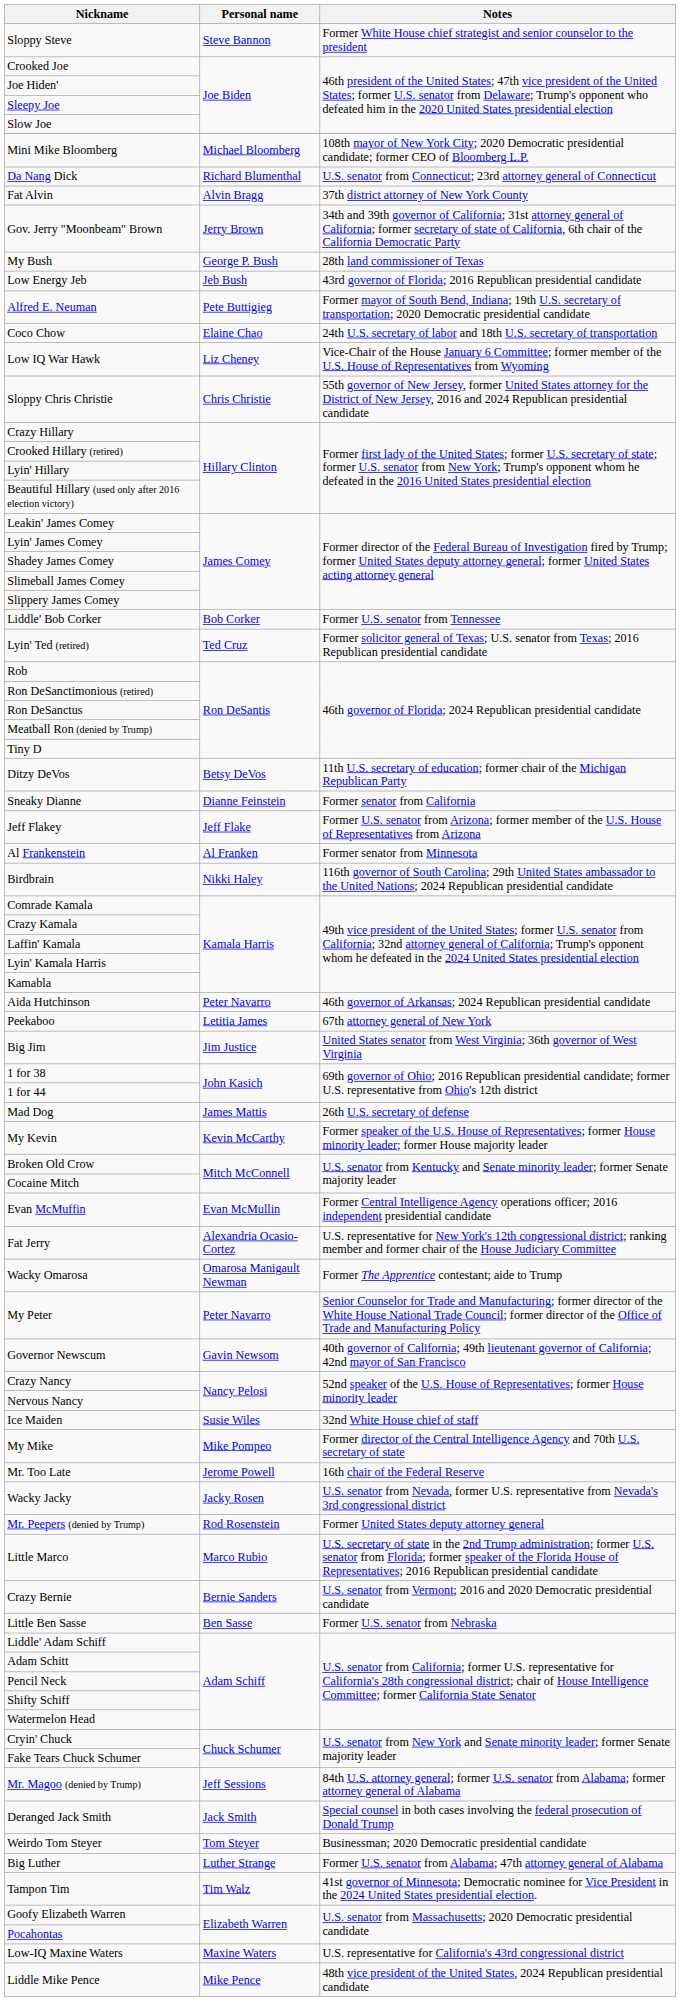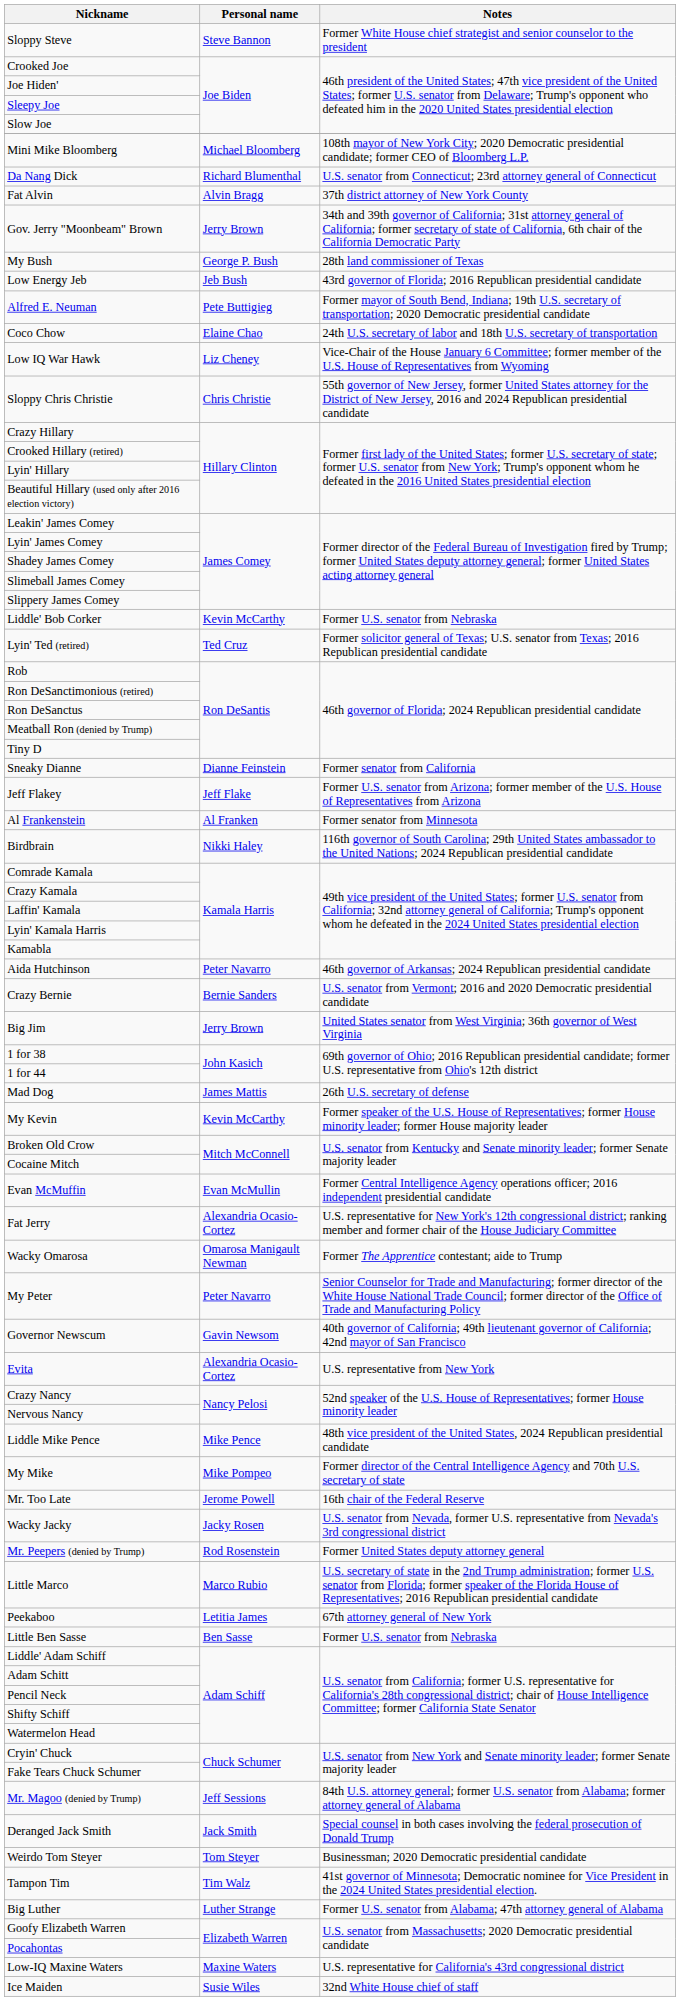 <table class="wikitable sortable" style="width:100%;">
 <tr>
 <th style="width:250px">Nickname</th>
 <th style="width:150px">Personal name</th>
 <th class="unsortable">Notes</th>
 </tr>
 <tr id="Sloppy Steve">
 <td>Sloppy Steve</td>
 <td data-sort-value="Bannon, Steve"><a href='#'>Steve Bannon</a></td>
 <td>Former <a href='#'>White House chief strategist and senior counselor to the president</a></td>
 </tr>
 <tr id="Crooked Joe">
 <td>Crooked Joe</td>
 <td rowspan="4" data-sort-value="Biden, Joe"><a href='#'>Joe Biden</a></td>
 <td rowspan="4">46th <a href='#'>president of the United States</a>; 47th <a href='#'>vice president of the United States</a>; former <a href='#'>U.S. senator</a> from <a href='#'>Delaware</a>; Trump's opponent who defeated him in the <a href='#'>2020 United States presidential election</a></td>
 </tr>
 <tr>
 <td>Joe Hiden'</td>
 </tr>
 <tr id="Sleepy Joe">
 <td><a href='#'>Sleepy Joe</a></td>
 </tr>
 <tr id = "Slow Joe">
 <td>Slow Joe</td>
 </tr>
 <tr>
 </tr>
 <tr id="Mini Mike Bloomberg">
 <td>Mini Mike Bloomberg</td>
 <td data-sort-value="Bloomberg, Michael" rowspan="1"><a href='#'>Michael Bloomberg</a></td>
 <td rowspan="1">108th <a href='#'>mayor of New York City</a>; 2020 Democratic presidential candidate; former CEO of <a href='#'>Bloomberg L.P.</a></td>
 </tr>
 <tr>
 <td><a href='#'>Da Nang</a> Dick</td>
 <td><a href='#'>Richard Blumenthal</a></td>
 <td><a href='#'>U.S. senator</a> from <a href='#'>Connecticut</a>; 23rd <a href='#'>attorney general of Connecticut</a></td>
 </tr>
 <tr>
 <td>Fat Alvin</td>
 <td><a href='#'>Alvin Bragg</a></td>
 <td>37th <a href='#'>district attorney of New York County</a></td>
 </tr>
 <tr id="Moonbeam">
 <td>Gov. Jerry "Moonbeam" Brown</td>
 <td data-sort-value="Brown, Jerry"><a href='#'>Jerry Brown</a></td>
 <td>34th and 39th <a href='#'>governor of California</a>; 31st <a href='#'>attorney general of California</a>; former <a href='#'>secretary of state of California</a>, 6th chair of the <a href='#'>California Democratic Party</a></td>
 </tr>
 <tr id="My Bush">
 <td>My Bush</td>
 <td data-sort-value="Bush, George P."><a href='#'>George P. Bush</a></td>
 <td>28th <a href='#'>land commissioner of Texas</a></td>
 </tr>
 <tr id="Low Energy Jeb">
 <td>Low Energy Jeb</td>
 <td data-sort-value="Bush, Jeb"><a href='#'>Jeb Bush</a></td>
 <td>43rd <a href='#'>governor of Florida</a>; 2016 Republican presidential candidate</td>
 </tr>
 <tr id="Alfred E. Neuman">
 <td><a href='#'>Alfred E. Neuman</a></td>
 <td data-sort-value="Buttigieg, Pete" rowspan="1"><a href='#'>Pete Buttigieg</a></td>
 <td rowspan="1">Former <a href='#'>mayor of South Bend, Indiana</a>; 19th <a href='#'>U.S. secretary of transportation</a>; 2020 Democratic presidential candidate</td>
 </tr>
 <tr id="Coco Chow">
 <td>Coco Chow</td>
 <td data-sort-value="Chao, Elaine"><a href='#'>Elaine Chao</a></td>
 <td>24th <a href='#'>U.S. secretary of labor</a> and 18th <a href='#'>U.S. secretary of transportation</a></td>
 </tr>
 <tr>
 <td>Low IQ War Hawk</td>
 <td><a href='#'>Liz Cheney</a></td>
 <td>Vice-Chair of the House <a href='#'>January 6 Committee</a>; former member of the <a href='#'>U.S. House of Representatives</a> from <a href='#'>Wyoming</a></td>
 </tr>
 <tr id="Sloppy Chris">
 <td>Sloppy Chris Christie</td>
 <td data-sort-value="Christie, Chris"><a href='#'>Chris Christie</a></td>
 <td>55th <a href='#'>governor of New Jersey</a>, former <a href='#'>United States attorney for the District of New Jersey</a>, 2016 and 2024 Republican presidential candidate</td>
 </tr>
 <tr id="Crazy Hillary">
 <td>Crazy Hillary</td>
 <td rowspan="4"><a href='#'>Hillary Clinton</a></td>
 <td rowspan="4">Former <a href='#'>first lady of the United States</a>; former <a href='#'>U.S. secretary of state</a>; former <a href='#'>U.S. senator</a> from <a href='#'>New York</a>; Trump's opponent whom he defeated in the <a href='#'>2016 United States presidential election</a></td>
 </tr>
 <tr>
 <td>Crooked Hillary <small>(retired)</small></td>
 </tr>
 <tr id="Lyin' Hillary">
 <td>Lyin' Hillary</td>
 </tr>
 <tr id="Beautiful Hillary">
 <td>Beautiful Hillary <small>(used only after 2016 election victory)</small></td>
 </tr>
 <tr>
 <td>Leakin' James Comey</td>
 <td rowspan="5"><a href='#'>James Comey</a></td>
 <td rowspan="5">Former director of the <a href='#'>Federal Bureau of Investigation</a> fired by Trump; former <a href='#'>United States deputy attorney general</a>; former <a href='#'>United States acting attorney general</a></td>
 </tr>
 <tr>
 <td>Lyin' James Comey</td>
 </tr>
 <tr>
 <td>Shadey James Comey</td>
 </tr>
 <tr>
 <td>Slimeball James Comey</td>
 </tr>
 <tr>
 <td>Slippery James Comey</td>
 </tr>
 <tr>
 <td>Liddle' Bob Corker</td>
-<td><a href='#'>Bob Corker</a></td>
-<td>Former <a href='#'>U.S. senator</a> from <a href='#'>Tennessee</a></td>
+<td data-sort-value="McCarthy, Kevin"><a href='#'>Kevin McCarthy</a></td>
+<td>Former <a href='#'>U.S. senator</a> from <a href='#'>Nebraska</a></td>
 </tr>
 <tr id="Lyin' Ted">
 <td>Lyin' Ted <small>(retired)</small></td>
 <td rowspan ="1" data-sort-value="Cruz, Ted"><a href='#'>Ted Cruz</a></td>
 <td rowspan="1">Former <a href='#'>solicitor general of Texas</a>; U.S. senator from <a href='#'>Texas</a>; 2016 Republican presidential candidate</td>
 </tr>
 <tr id="Rob">
 <td>Rob</td>
 <td rowspan="5"><a href='#'>Ron DeSantis</a></td>
 <td rowspan="5">46th <a href='#'>governor of Florida</a>; 2024 Republican presidential candidate</td>
 </tr>
 <tr id="Ron DeSanctimonious">
 <td>Ron DeSanctimonious      <small>(retired)</small></td>
 </tr>
 <tr id="Ron DeSanctus">
 <td>Ron DeSanctus</td>
 </tr>
 <tr id="Meatball Ron">
 <td>Meatball Ron<small> (denied by Trump)</small></td>
 </tr>
 <tr>
 <td>Tiny D</td>
-</tr>
-<tr id="Ditzy DeVos">
-<td>Ditzy DeVos</td>
-<td data-sort-value="DeVos, Betsy"><a href='#'>Betsy DeVos</a></td>
-<td>11th <a href='#'>U.S. secretary of education</a>; former chair of the <a href='#'>Michigan Republican Party</a></td>
 </tr>
 <tr>
 <td>Sneaky Dianne</td>
 <td><a href='#'>Dianne Feinstein</a></td>
 <td>Former <a href='#'>senator</a> from <a href='#'>California</a></td>
 </tr>
 <tr id="Jeff Flakey">
 <td>Jeff Flakey</td>
 <td data-sort-value="Flake, Jeff" rowspan="1"><a href='#'>Jeff Flake</a></td>
 <td rowspan="1">Former <a href='#'>U.S. senator</a> from <a href='#'>Arizona</a>; former member of the <a href='#'>U.S. House of Representatives</a> from <a href='#'>Arizona</a></td>
 </tr>
 <tr>
 <td>Al <a href='#'>Frankenstein</a></td>
 <td><a href='#'>Al Franken</a></td>
 <td>Former senator from <a href='#'>Minnesota</a></td>
 </tr>
 <tr>
 <td>Birdbrain</td>
 <td rowspan="1"><a href='#'>Nikki Haley</a></td>
 <td rowspan="1">116th <a href='#'>governor of South Carolina</a>; 29th <a href='#'>United States ambassador to the United Nations</a>; 2024 Republican presidential candidate</td>
 </tr>
 <tr>
 <td>Comrade Kamala</td>
 <td rowspan="5"><a href='#'>Kamala Harris</a></td>
 <td rowspan="5">49th <a href='#'>vice president of the United States</a>; former <a href='#'>U.S. senator</a> from <a href='#'>California</a>; 32nd <a href='#'>attorney general of California</a>; Trump's opponent whom he defeated in the <a href='#'>2024 United States presidential election</a></td>
 </tr>
 <tr>
 <td>Crazy Kamala</td>
 </tr>
 <tr>
 <td>Laffin' Kamala</td>
 </tr>
 <tr>
 <td>Lyin' Kamala Harris</td>
 </tr>
 <tr id="Kamabla">
 <td>Kamabla</td>
 </tr>
 <tr>
 <td>Aida Hutchinson</td>
 <td><a href='#'>Peter Navarro</a></td>
 <td>46th <a href='#'>governor of Arkansas</a>; 2024 Republican presidential candidate</td>
 </tr>
-<tr>
-<td>Peekaboo</td>
-<td><a href='#'>Letitia James</a></td>
-<td>67th <a href='#'>attorney general of New York</a></td>
+<tr id="Crazy Bernie">
+<td>Crazy Bernie</td>
+<td rowspan="1"><a href='#'>Bernie Sanders</a></td>
+<td rowspan="1"><a href='#'>U.S. senator</a> from <a href='#'>Vermont</a>; 2016 and 2020 Democratic presidential candidate</td>
 </tr>
 <tr id="Big Jim">
 <td>Big Jim</td>
-<td data-sort-value="Justice, Jim"><a href='#'>Jim Justice</a></td>
+<td data-sort-value="Brown, Jerry"><a href='#'>Jerry Brown</a></td>
 <td><a href='#'>United States senator</a> from <a href='#'>West Virginia</a>; 36th <a href='#'>governor of West Virginia</a></td>
 </tr>
 <tr id="1 for 38">
 <td>1 for 38</td>
 <td rowspan="2" data-sort-value="Kasich, John"><a href='#'>John Kasich</a></td>
 <td rowspan="2">69th <a href='#'>governor of Ohio</a>; 2016 Republican presidential candidate; former U.S. representative from <a href='#'>Ohio</a>'s 12th district</td>
 </tr>
 <tr id="1 for 44">
 <td>1 for 44</td>
 </tr>
 <tr id="Mad Dog">
 <td>Mad Dog</td>
 <td data-sort-value="Mattis, James" rowspan="1"><a href='#'>James Mattis</a></td>
 <td rowspan="1">26th <a href='#'>U.S. secretary of defense</a></td>
 </tr>
 <tr id="My Kevin">
 <td>My Kevin</td>
 <td data-sort-value="McCarthy, Kevin"><a href='#'>Kevin McCarthy</a></td>
 <td>Former <a href='#'>speaker of the U.S. House of Representatives</a>; former <a href='#'>House minority leader</a>; former House majority leader</td>
 </tr>
 <tr id="Broken Old Crow">
 <td>Broken Old Crow</td>
 <td rowspan="2" data-sort-value="McConnell, Mitch"><a href='#'>Mitch McConnell</a></td>
 <td rowspan="2"><a href='#'>U.S. senator</a> from <a href='#'>Kentucky</a> and <a href='#'>Senate minority leader</a>; former Senate majority leader</td>
 </tr>
 <tr>
 <td>Cocaine Mitch </td>
 </tr>
 <tr id="McMuffin">
 <td>Evan <a href='#'>McMuffin</a></td>
 <td data-sort-value="McMullin, Evan"><a href='#'>Evan McMullin</a></td>
 <td>Former <a href='#'>Central Intelligence Agency</a> operations officer; 2016 <a href='#'>independent</a> presidential candidate</td>
 </tr>
 <tr id="Fat Jerry">
 <td>Fat Jerry</td>
 <td rowspan="1" data-sort-value="Ocasio-Cortez, Alexandria"><a href='#'>Alexandria Ocasio-Cortez</a></td>
 <td>U.S. representative for <a href='#'>New York's 12th congressional district</a>; ranking member and former chair of the <a href='#'>House Judiciary Committee</a></td>
 </tr>
 <tr id="Wacky Omarosa">
 <td>Wacky Omarosa</td>
 <td data-sort-value="Newman, Omarosa"><a href='#'>Omarosa Manigault Newman</a></td>
 <td>Former <a href='#'><em>The Apprentice</em></a> contestant; aide to Trump</td>
 </tr>
 <tr>
 <td>My Peter</td>
 <td><a href='#'>Peter Navarro</a></td>
 <td><a href='#'>Senior Counselor for Trade and Manufacturing</a>; former director of the <a href='#'>White House National Trade Council</a>; former director of the <a href='#'>Office of Trade and Manufacturing Policy</a></td>
 </tr>
 <tr id="Governor Newscum">
 <td>Governor Newscum</td>
 <td data-sort-value="Newsom, Gavin"><a href='#'>Gavin Newsom</a></td>
 <td>40th <a href='#'>governor of California</a>; 49th <a href='#'>lieutenant governor of California</a>; 42nd <a href='#'>mayor of San Francisco</a></td>
 </tr>
+<tr id="Evita">
+<td><a href='#'>Evita</a></td>
+<td rowspan="1" data-sort-value="Ocasio-Cortez, Alexandria"><a href='#'>Alexandria Ocasio-Cortez</a></td>
+<td rowspan="1">U.S. representative from <a href='#'>New York</a></td>
+</tr>
 <tr id="Crazy Nancy">
 <td>Crazy Nancy</td>
 <td data-sort-value="Pelosi, Nancy" rowspan="2"><a href='#'>Nancy Pelosi</a></td>
 <td rowspan="2">52nd <a href='#'>speaker</a> of the <a href='#'>U.S. House of Representatives</a>; former <a href='#'>House minority leader</a></td>
 </tr>
 <tr id="Nervous Nancy">
 <td>Nervous Nancy</td>
 </tr>
 <tr>
-<td>Ice Maiden</td>
-<td><a href='#'>Susie Wiles</a></td>
-<td>32nd <a href='#'>White House chief of staff</a></td>
+<td>Liddle Mike Pence</td>
+<td><a href='#'>Mike Pence</a></td>
+<td>48th <a href='#'>vice president of the United States</a>, 2024 Republican presidential candidate</td>
 </tr>
 <tr id="My Mike">
 <td>My Mike</td>
 <td data-sort-value="Pompeo, Mikel"><a href='#'>Mike Pompeo</a></td>
 <td>Former <a href='#'>director of the Central Intelligence Agency</a> and 70th <a href='#'>U.S. secretary of state</a></td>
 </tr>
 <tr>
 <td>Mr. Too Late</td>
 <td><a href='#'>Jerome Powell</a></td>
 <td>16th <a href='#'>chair of the Federal Reserve</a></td>
 </tr>
 <tr id="Wacky Jacky">
 <td>Wacky Jacky</td>
 <td data-sort-value="Rosen, Jacky"><a href='#'>Jacky Rosen</a></td>
 <td><a href='#'>U.S. senator</a> from <a href='#'>Nevada</a>, former U.S. representative from <a href='#'>Nevada's 3rd congressional district</a></td>
 </tr>
 <tr id="Mr. Peepers">
 <td><a href='#'>Mr. Peepers</a> <small>(denied by Trump)</small></td>
 <td data-sort-value="Rosenstein, Rod"><a href='#'>Rod Rosenstein</a></td>
 <td>Former <a href='#'>United States deputy attorney general</a></td>
 </tr>
 <tr id="Little Marco">
 <td>Little Marco</td>
 <td data-sort-value="Rubio, Marco" rowspan="1"><a href='#'>Marco Rubio</a></td>
 <td rowspan="1"><a href='#'>U.S. secretary of state</a> in the <a href='#'>2nd Trump administration</a>; former <a href='#'>U.S. senator</a> from <a href='#'>Florida</a>; former <a href='#'>speaker of the Florida House of Representatives</a>; 2016 Republican presidential candidate</td>
 </tr>
-<tr id="Crazy Bernie">
-<td>Crazy Bernie</td>
-<td rowspan="1"><a href='#'>Bernie Sanders</a></td>
-<td rowspan="1"><a href='#'>U.S. senator</a> from <a href='#'>Vermont</a>; 2016 and 2020 Democratic presidential candidate</td>
+<tr>
+<td>Peekaboo</td>
+<td><a href='#'>Letitia James</a></td>
+<td>67th <a href='#'>attorney general of New York</a></td>
 </tr>
 <tr id="Little Ben Sasse">
 <td>Little Ben Sasse</td>
 <td data-sort-value="Sasse, Ben"><a href='#'>Ben Sasse</a></td>
 <td>Former <a href='#'>U.S. senator</a> from <a href='#'>Nebraska</a></td>
 </tr>
 <tr id="Liddle' Adam Schiff">
 <td>Liddle' Adam Schiff</td>
 <td rowspan="5" data-sort-value="Schiff, Adam"><a href='#'>Adam Schiff</a></td>
 <td rowspan="5"><a href='#'>U.S. senator</a> from <a href='#'>California</a>; former U.S. representative for <a href='#'>California's 28th congressional district</a>; chair of <a href='#'>House Intelligence Committee</a>; former <a href='#'>California State Senator</a></td>
 </tr>
 <tr>
 <td>Adam Schitt</td>
 </tr>
 <tr>
 <td>Pencil Neck</td>
 </tr>
 <tr>
 <td>Shifty Schiff</td>
 </tr>
 <tr>
 <td>Watermelon Head</td>
 </tr>
 <tr id="Cryin' Chuck">
 <td>Cryin' Chuck</td>
 <td rowspan="2" data-sort-value="Schumer, Chuck"><a href='#'>Chuck Schumer</a></td>
 <td rowspan="2"><a href='#'>U.S. senator</a> from <a href='#'>New York</a> and <a href='#'>Senate minority leader</a>; former Senate majority leader</td>
 </tr>
 <tr>
 <td>Fake Tears Chuck Schumer</td>
 </tr>
 <tr id="Mr. Magoo">
 <td><a href='#'>Mr. Magoo</a> <small>(denied by Trump)</small></td>
 <td data-sort-value="Sessions, Jeff"><a href='#'>Jeff Sessions</a></td>
 <td>84th <a href='#'>U.S. attorney general</a>; former <a href='#'>U.S. senator</a> from <a href='#'>Alabama</a>; former <a href='#'>attorney general of Alabama</a></td>
 </tr>
 <tr>
 <td>Deranged Jack Smith</td>
 <td><a href='#'>Jack Smith</a></td>
 <td><a href='#'>Special counsel</a> in both cases involving the <a href='#'>federal prosecution of Donald Trump</a></td>
 </tr>
 <tr>
 <td>Weirdo Tom Steyer</td>
 <td><a href='#'>Tom Steyer</a></td>
 <td>Businessman; 2020 Democratic presidential candidate</td>
 </tr>
+<tr>
+<td>Tampon Tim</td>
+<td><a href='#'>Tim Walz</a></td>
+<td>41st <a href='#'>governor of Minnesota</a>; Democratic nominee for <a href='#'>Vice President</a> in the <a href='#'>2024 United States presidential election</a>.</td>
+</tr>
 <tr id="Big Luther">
 <td>Big Luther</td>
 <td data-sort-value="Strange, Luther"><a href='#'>Luther Strange</a></td>
 <td>Former <a href='#'>U.S. senator</a> from <a href='#'>Alabama</a>; 47th <a href='#'>attorney general of Alabama</a></td>
-</tr>
-<tr>
-<td>Tampon Tim</td>
-<td><a href='#'>Tim Walz</a></td>
-<td>41st <a href='#'>governor of Minnesota</a>; Democratic nominee for <a href='#'>Vice President</a> in the <a href='#'>2024 United States presidential election</a>.</td>
 </tr>
 <tr id="Goofy Elizabeth Warren">
 <td>Goofy Elizabeth Warren</td>
 <td data-sort-value="Warren, Elizabeth" rowspan="2"><a href='#'>Elizabeth Warren</a></td>
 <td rowspan="2"><a href='#'>U.S. senator</a> from <a href='#'>Massachusetts</a>; 2020 Democratic presidential candidate</td>
 </tr>
 <tr id="Pocahontas">
 <td><a href='#'>Pocahontas</a></td>
 </tr>
 <tr>
 <td>Low-IQ Maxine Waters</td>
 <td><a href='#'>Maxine Waters</a></td>
 <td>U.S. representative for <a href='#'>California's 43rd congressional district</a></td>
 </tr>
 <tr>
-<td>Liddle Mike Pence</td>
-<td><a href='#'>Mike Pence</a></td>
-<td>48th <a href='#'>vice president of the United States</a>, 2024 Republican presidential candidate</td>
+<td>Ice Maiden</td>
+<td><a href='#'>Susie Wiles</a></td>
+<td>32nd <a href='#'>White House chief of staff</a></td>
 </tr>
 </table>
